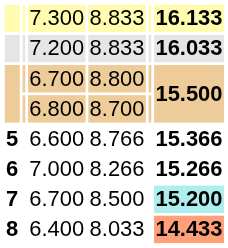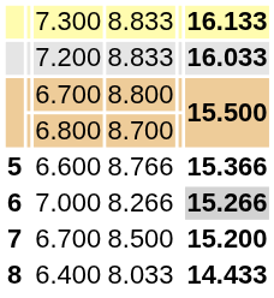 <table>
 <tr style="background:#fffcaf;">
 <th scope=row style="text-align:center"></th>
 <td style="text-align:left;"></td>
 <td>7.300</td>
 <td>8.833</td>
 <td></td>
 <td><strong>16.133</strong></td>
 </tr>
 <tr style="background:#e5e5e5;">
 <th scope=row style="text-align:center"></th>
 <td style="text-align:left;"></td>
 <td>7.200</td>
 <td>8.833</td>
 <td></td>
 <td><strong>16.033</strong></td>
 </tr>
 <tr style="background:#ec9;">
 <th rowspan=2 scope=row style="text-align:center"></th>
 <td style="text-align:left;"></td>
 <td>6.700</td>
 <td>8.800</td>
 <td></td>
 <td rowspan=2><strong>15.500</strong></td>
 </tr>
 <tr style="background:#ec9;">
 <td style="text-align:left;"></td>
 <td>6.800</td>
 <td>8.700</td>
 <td></td>
 </tr>
 <tr>
 <th scope=row style="text-align:center">5</th>
 <td style="text-align:left;"></td>
 <td>6.600</td>
 <td>8.766</td>
 <td></td>
 <td><strong>15.366</strong></td>
 </tr>
 <tr>
 <th scope=row style="text-align:center">6</th>
 <td style="text-align:left;"></td>
 <td>7.000</td>
 <td>8.266</td>
 <td></td>
-<td><strong>15.266</strong></td>
+<td style="background: lightgrey;"><strong>15.266</strong></td>
 </tr>
 <tr>
 <th scope=row style="text-align:center">7</th>
 <td style="text-align:left;"></td>
 <td>6.700</td>
 <td>8.500</td>
 <td></td>
-<td style="background: paleturquoise;"><strong>15.200</strong></td>
+<td><strong>15.200</strong></td>
 </tr>
 <tr>
 <th scope=row style="text-align:center">8</th>
 <td style="text-align:left;"></td>
 <td>6.400</td>
 <td>8.033</td>
 <td></td>
-<td style="background: lightsalmon;"><strong>14.433</strong></td>
+<td><strong>14.433</strong></td>
 </tr>
 </table>
